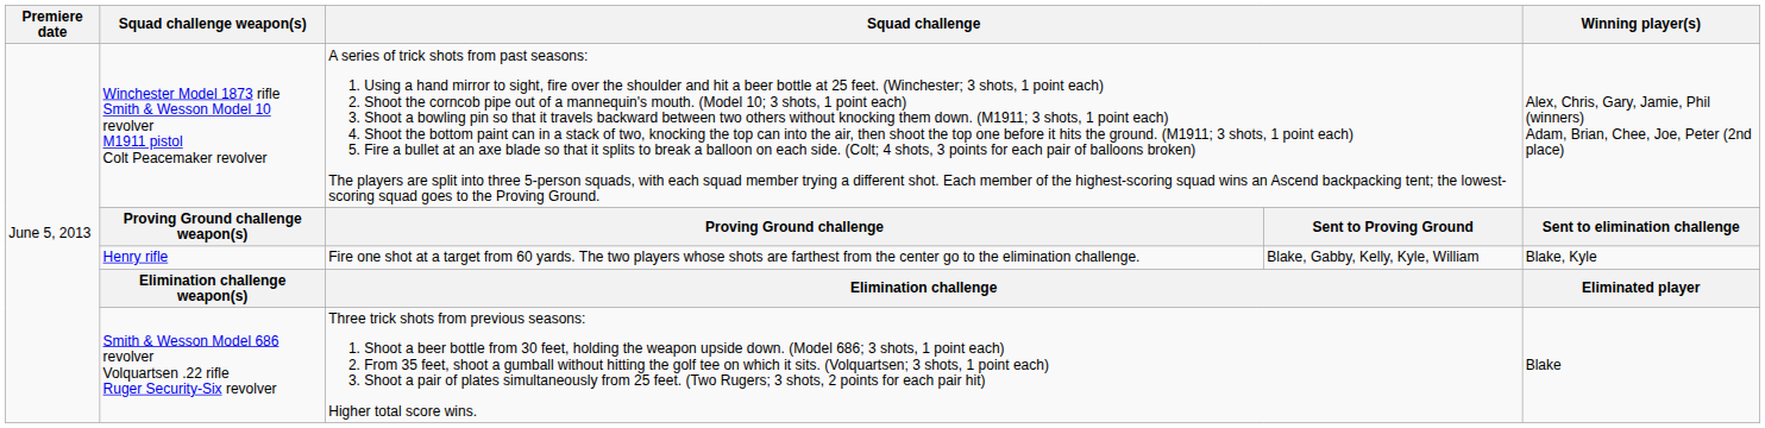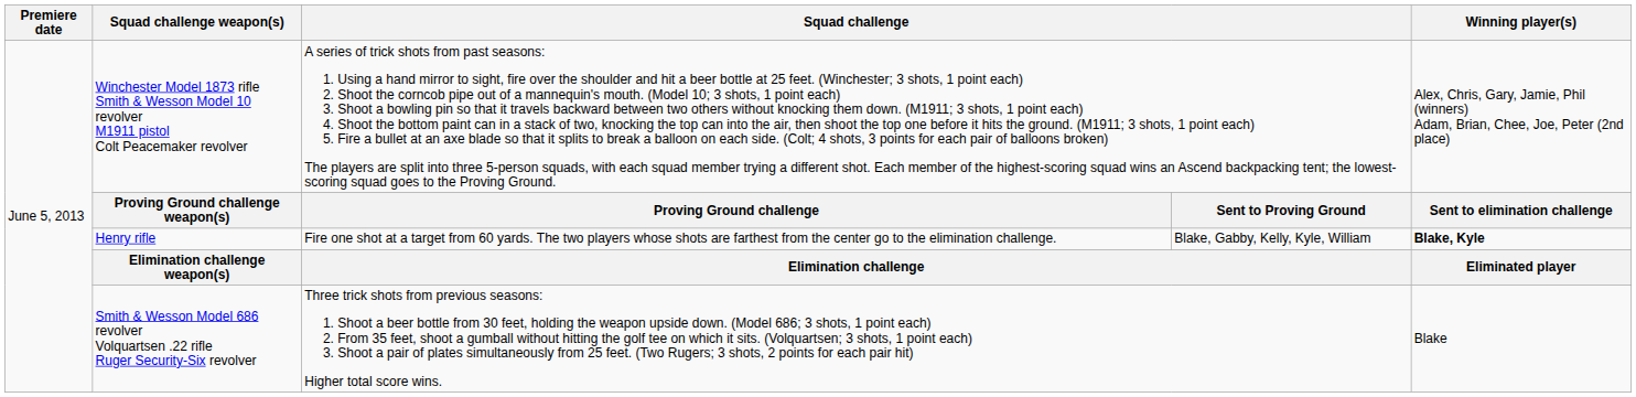 <table class="wikitable">
 <tr>
 <th>Premiere date</th>
 <th>Squad challenge weapon(s)</th>
 <th colspan="2">Squad challenge</th>
 <th>Winning player(s)</th>
 </tr>
 <tr>
 <td rowspan="5">June 5, 2013</td>
 <td><a href='#'>Winchester Model 1873</a> rifle<br><a href='#'>Smith & Wesson Model 10</a> revolver<br><a href='#'>M1911 pistol</a><br>Colt Peacemaker revolver</td>
 <td colspan="2">A series of trick shots from past seasons:<br><ol><li>Using a hand mirror to sight, fire over the shoulder and hit a beer bottle at 25 feet. (Winchester; 3 shots, 1 point each)</li><li>Shoot the corncob pipe out of a mannequin's mouth. (Model 10; 3 shots, 1 point each)</li><li>Shoot a bowling pin so that it travels backward between two others without knocking them down. (M1911; 3 shots, 1 point each)</li><li>Shoot the bottom paint can in a stack of two, knocking the top can into the air, then shoot the top one before it hits the ground. (M1911; 3 shots, 1 point each)</li><li>Fire a bullet at an axe blade so that it splits to break a balloon on each side. (Colt; 4 shots, 3 points for each pair of balloons broken)</li></ol>The players are split into three 5-person squads, with each squad member trying a different shot. Each member of the highest-scoring squad wins an Ascend backpacking tent; the lowest-scoring squad goes to the Proving Ground.</td>
 <td>Alex, Chris, Gary, Jamie, Phil (winners)<br>Adam, Brian, Chee, Joe, Peter (2nd place)</td>
 </tr>
 <tr>
 <th>Proving Ground challenge weapon(s)</th>
 <th>Proving Ground challenge</th>
 <th>Sent to Proving Ground</th>
 <th>Sent to elimination challenge</th>
 </tr>
 <tr>
 <td><a href='#'>Henry rifle</a></td>
 <td>Fire one shot at a target from 60 yards. The two players whose shots are farthest from the center go to the elimination challenge.</td>
 <td>Blake, Gabby, Kelly, Kyle, William</td>
-<td>Blake, Kyle</td>
+<td><strong>Blake, Kyle</strong></td>
 </tr>
 <tr>
 <th>Elimination challenge weapon(s)</th>
 <th colspan="2">Elimination challenge</th>
 <th>Eliminated player</th>
 </tr>
 <tr>
 <td><a href='#'>Smith & Wesson Model 686</a> revolver<br>Volquartsen .22 rifle<br><a href='#'>Ruger Security-Six</a> revolver</td>
 <td colspan="2">Three trick shots from previous seasons:<br><ol><li>Shoot a beer bottle from 30 feet, holding the weapon upside down. (Model 686; 3 shots, 1 point each)</li><li>From 35 feet, shoot a gumball without hitting the golf tee on which it sits. (Volquartsen; 3 shots, 1 point each)</li><li>Shoot a pair of plates simultaneously from 25 feet. (Two Rugers; 3 shots, 2 points for each pair hit)</li></ol>Higher total score wins.</td>
 <td>Blake</td>
 </tr>
 </table>
